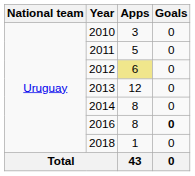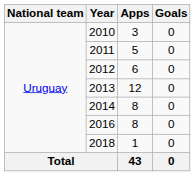 <table class=wikitable style="text-align: center">
 <tr>
 <th>National team</th>
 <th>Year</th>
 <th>Apps</th>
 <th>Goals</th>
 </tr>
 <tr>
 <td rowspan="7"><a href='#'>Uruguay</a></td>
 <td>2010</td>
 <td>3</td>
 <td>0</td>
 </tr>
 <tr>
 <td>2011</td>
 <td>5</td>
 <td>0</td>
 </tr>
 <tr>
 <td>2012</td>
-<td style="background: khaki;">6</td>
+<td>6</td>
 <td>0</td>
 </tr>
 <tr>
 <td>2013</td>
 <td>12</td>
 <td>0</td>
 </tr>
 <tr>
 <td>2014</td>
 <td>8</td>
 <td>0</td>
 </tr>
 <tr>
 <td>2016</td>
 <td>8</td>
-<td><strong>0</strong></td>
+<td>0</td>
 </tr>
 <tr>
 <td>2018</td>
 <td>1</td>
 <td>0</td>
 </tr>
 <tr>
 <th colspan="2">Total</th>
 <th>43</th>
 <th>0</th>
 </tr>
 </table>
